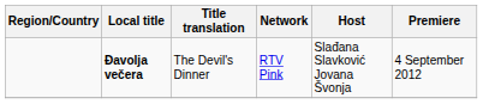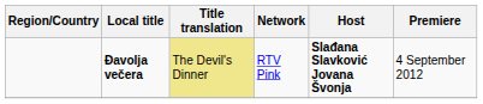 <table class="wikitable sortable" style="width:100%;">
 <tr>
 <th>Region/Country</th>
 <th>Local title</th>
 <th>Title translation</th>
 <th>Network</th>
 <th>Host</th>
 <th>Premiere</th>
 </tr>
 <tr>
 <td></td>
 <td><strong>Đavolja večera</strong></td>
-<td>The Devil's Dinner</td>
+<td style="background: khaki;">The Devil's Dinner</td>
 <td><a href='#'>RTV Pink</a></td>
-<td>Slađana Slavković<br>Jovana Švonja</td>
+<td><strong>Slađana Slavković<br>Jovana Švonja</strong></td>
 <td>4 September 2012</td>
 </tr>
 <tr>
 </tr>
 </table>
